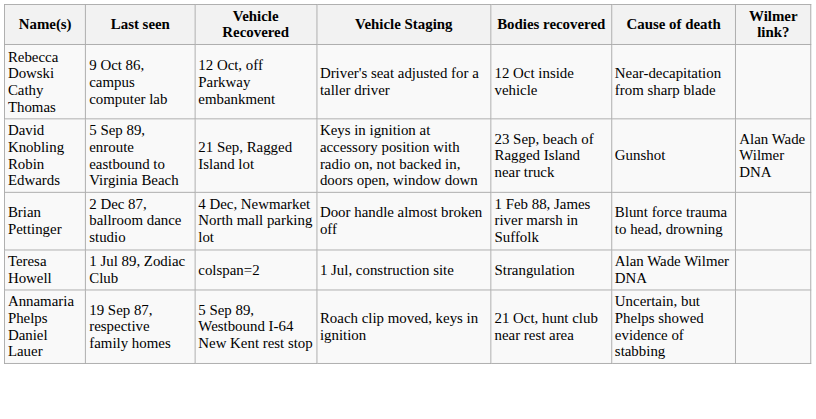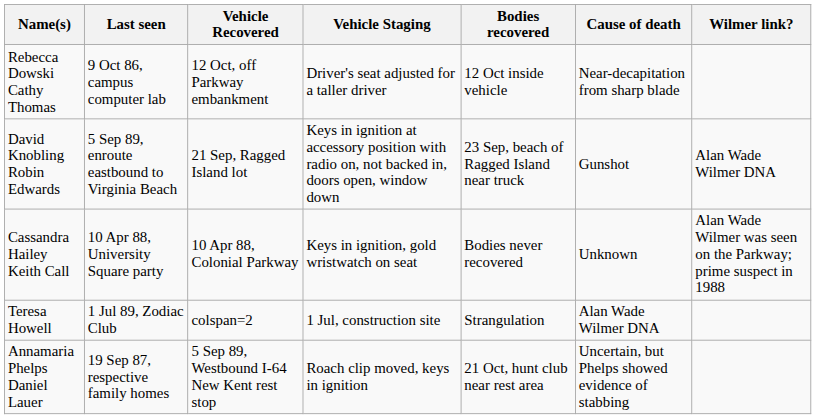 <table class="wikitable">
 <tr>
 <th>Name(s)</th>
 <th>Last seen</th>
 <th>Vehicle Recovered</th>
 <th>Vehicle Staging</th>
 <th>Bodies recovered</th>
 <th>Cause of death</th>
 <th>Wilmer link?</th>
 </tr>
 <tr>
 <td>Rebecca Dowski<br>Cathy Thomas</td>
 <td>9 Oct 86, campus computer lab</td>
 <td>12 Oct, off Parkway embankment</td>
 <td>Driver's seat adjusted for a taller driver</td>
 <td>12 Oct inside vehicle</td>
 <td>Near-decapitation from sharp blade</td>
 <td></td>
 </tr>
 <tr>
 <td>David Knobling <br> Robin Edwards</td>
 <td>5 Sep 89, enroute eastbound to Virginia Beach</td>
 <td>21 Sep, Ragged Island lot</td>
 <td>Keys in ignition at accessory position with radio on, not backed in, doors open, window down</td>
 <td>23 Sep, beach of Ragged Island near truck</td>
 <td>Gunshot</td>
 <td>Alan Wade Wilmer DNA</td>
 </tr>
 <tr>
-<td>Brian Pettinger</td>
-<td>2 Dec 87, ballroom dance studio</td>
-<td>4 Dec, Newmarket North mall parking lot</td>
-<td>Door handle almost broken off</td>
-<td>1 Feb 88, James river marsh in Suffolk</td>
-<td>Blunt force trauma to head, drowning</td>
-<td></td>
+<td>Cassandra Hailey <br> Keith Call</td>
+<td>10 Apr 88, University Square party</td>
+<td>10 Apr 88, Colonial Parkway</td>
+<td>Keys in ignition, gold wristwatch on seat</td>
+<td>Bodies never recovered</td>
+<td>Unknown</td>
+<td>Alan Wade Wilmer was seen on the Parkway; prime suspect in 1988</td>
 </tr>
 <tr>
 <td>Teresa Howell</td>
 <td>1 Jul 89, Zodiac Club</td>
 <td>colspan=2 </td>
 <td>1 Jul, construction site</td>
 <td>Strangulation</td>
 <td>Alan Wade Wilmer DNA</td>
 </tr>
 <tr>
 <td>Annamaria Phelps<br>Daniel Lauer</td>
 <td>19 Sep 87, respective family homes</td>
 <td>5 Sep 89, Westbound I-64 New Kent rest stop</td>
 <td>Roach clip moved, keys in ignition</td>
 <td>21 Oct, hunt club near rest area</td>
 <td>Uncertain, but Phelps showed evidence of stabbing</td>
 <td></td>
 </tr>
 </table>
